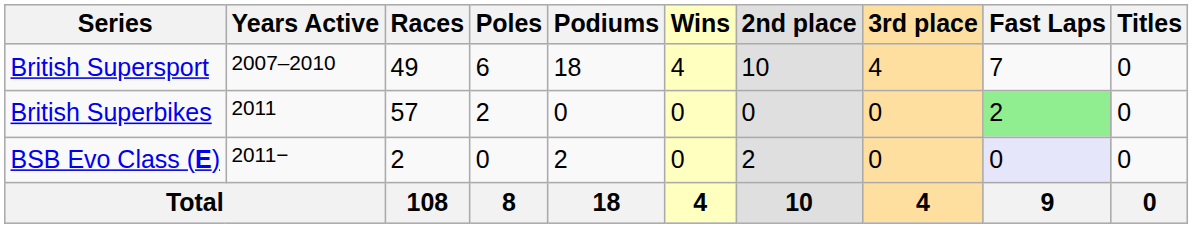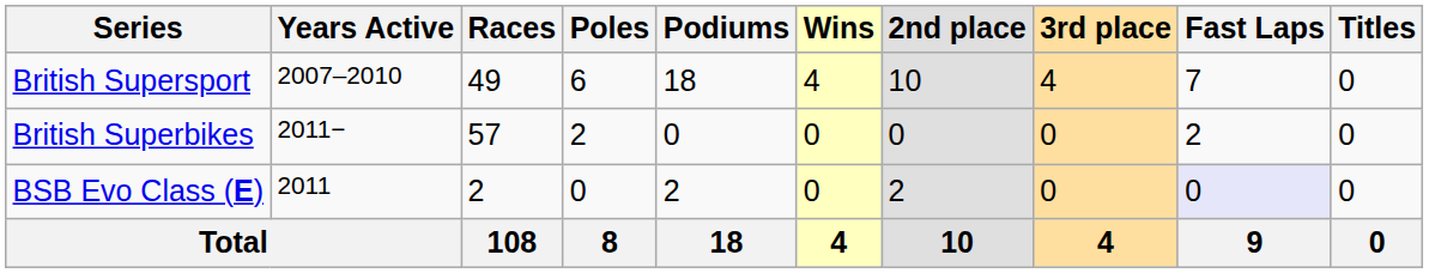 <table class="wikitable">
 <tr>
 <th colspan=2>Series</th>
 <th>Years Active</th>
 <th>Races</th>
 <th>Poles</th>
 <th>Podiums</th>
 <td style="background:#ffffbf;"><strong>Wins</strong></td>
 <td style="background:#DFDFDF;"><strong>2nd place</strong></td>
 <td style="background:#FFDF9F;"><strong>3rd place</strong></td>
 <th>Fast Laps</th>
 <th>Titles</th>
 </tr>
 <tr>
 <td colspan=2><a href='#'>British Supersport</a></td>
 <td><sup>2007–2010</sup></td>
 <td>49</td>
 <td>6</td>
 <td>18</td>
 <td style="background:#ffffbf;">4</td>
 <td style="background:#DFDFDF;">10</td>
 <td style="background:#FFDF9F;">4</td>
 <td>7</td>
 <td>0</td>
 </tr>
 <tr>
 <td colspan=2><a href='#'>British Superbikes</a></td>
-<td><sup>2011</sup></td>
+<td><sup>2011−</sup></td>
 <td>57</td>
 <td>2</td>
 <td>0</td>
 <td style="background:#ffffbf;">0</td>
 <td style="background:#DFDFDF;">0</td>
 <td style="background:#FFDF9F;">0</td>
-<td style="background: lightgreen;">2</td>
+<td>2</td>
 <td>0</td>
 </tr>
 <tr>
 <td colspan=2><a href='#'>BSB Evo Class (<strong><span>E</span></strong>)</a></td>
-<td><sup>2011−</sup></td>
+<td><sup>2011</sup></td>
 <td>2</td>
 <td>0</td>
 <td>2</td>
 <td style="background:#ffffbf;">0</td>
 <td style="background:#DFDFDF;">2</td>
 <td style="background:#FFDF9F;">0</td>
 <td style="background: lavender;">0</td>
 <td>0</td>
 </tr>
 <tr>
 <th colspan=3>Total</th>
 <th>108</th>
 <th>8</th>
 <th>18</th>
 <th style="background:#ffffbf;">4</th>
 <th style="background:#DFDFDF;">10</th>
 <th style="background:#FFDF9F;">4</th>
 <th>9</th>
 <th>0</th>
 </tr>
 </table>
